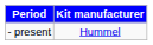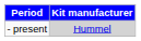 <table class="wikitable" style="font-size: 95%; text-align:center;">
 <tr>
 <th scope=col style="color:white; background:#0000FF">Period</th>
 <th scope=col style="color:white; background:#0000FF">Kit manufacturer</th>
 </tr>
 <tr>
 <td> - present</td>
-<td> <a href='#'>Hummel</a></td>
+<td style="background: lightgrey;"> <a href='#'>Hummel</a></td>
 </tr>
 </table>
